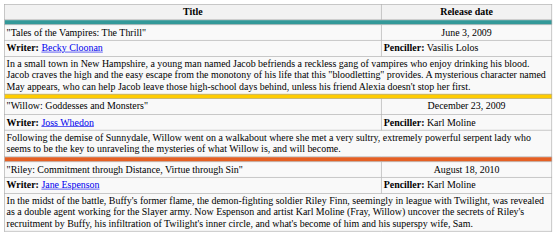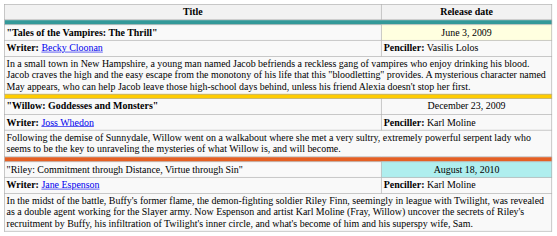 <table class="wikitable" style="width:100%;">
 <tr>
 <th>Title</th>
 <th>Release date</th>
 </tr>
 <tr>
 <td colspan="6" style="background:#399;"></td>
 </tr>
 <tr>
-<td>"Tales of the Vampires: The Thrill"</td>
-<td style="text-align:center;">June 3, 2009</td>
+<td><strong>"Tales of the Vampires: The Thrill"</strong></td>
+<td style="background: lightyellow; text-align:center;">June 3, 2009</td>
 </tr>
 <tr>
 <td><strong>Writer:</strong> <a href='#'>Becky Cloonan</a></td>
 <td><strong>Penciller:</strong> Vasilis Lolos</td>
 </tr>
 <tr>
 <td colspan="6">In a small town in New Hampshire, a young man named Jacob befriends a reckless gang of vampires who enjoy drinking his blood. Jacob craves the high and the easy escape from the monotony of his life that this "bloodletting" provides. A mysterious character named May appears, who can help Jacob leave those high-school days behind, unless his friend Alexia doesn't stop her first.</td>
 </tr>
 <tr>
 <td colspan="6" style="background:#fc0;"></td>
 </tr>
 <tr>
-<td>"Willow: Goddesses and Monsters"</td>
+<td><strong>"Willow: Goddesses and Monsters"</strong></td>
 <td style="text-align:center;">December 23, 2009</td>
 </tr>
 <tr>
 <td><strong>Writer:</strong> <a href='#'>Joss Whedon</a></td>
 <td><strong>Penciller:</strong> Karl Moline</td>
 </tr>
 <tr>
 <td colspan="6">Following the demise of Sunnydale, Willow went on a walkabout where she met a very sultry, extremely powerful serpent lady who seems to be the key to unraveling the mysteries of what Willow is, and will become.</td>
 </tr>
 <tr>
 <td colspan="6" style="background:#e56024;"></td>
 </tr>
 <tr>
 <td>"Riley: Commitment through Distance, Virtue through Sin"</td>
-<td style="text-align:center;">August 18, 2010</td>
+<td style="background: paleturquoise; text-align:center;">August 18, 2010</td>
 </tr>
 <tr>
 <td><strong>Writer:</strong> <a href='#'>Jane Espenson</a></td>
 <td><strong>Penciller:</strong> Karl Moline</td>
 </tr>
 <tr>
 <td colspan="6">In the midst of the battle, Buffy's former flame, the demon-fighting soldier Riley Finn, seemingly in league with Twilight, was revealed as a double agent working for the Slayer army. Now Espenson and artist Karl Moline (Fray, Willow) uncover the secrets of Riley's recruitment by Buffy, his infiltration of Twilight's inner circle, and what's become of him and his superspy wife, Sam.</td>
 </tr>
 </table>
